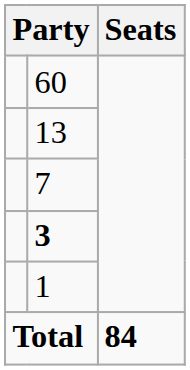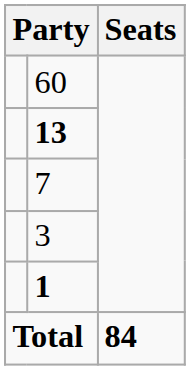 <table class="wikitable">
 <tr>
 <th colspan=2>Party</th>
 <th>Seats</th>
 </tr>
 <tr>
 <td></td>
 <td>60</td>
 </tr>
 <tr>
 <td></td>
-<td>13</td>
+<td><strong>13</strong></td>
 </tr>
 <tr>
 <td></td>
 <td>7</td>
 </tr>
 <tr>
 <td></td>
-<td><strong>3</strong></td>
+<td>3</td>
 </tr>
 <tr>
 <td></td>
-<td>1</td>
+<td><strong>1</strong></td>
 </tr>
 <tr>
 <td colspan="2"><strong>Total</strong></td>
 <td><strong>84</strong></td>
 </tr>
 </table>
